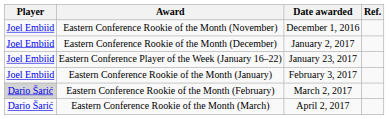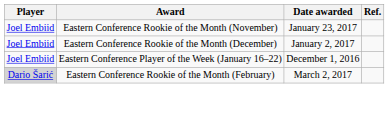 <table class="wikitable sortable sortable" style="text-align: center">
 <tr>
 <th>Player</th>
 <th>Award</th>
 <th>Date awarded</th>
 <th>Ref.</th>
 </tr>
 <tr>
 <td><a href='#'>Joel Embiid</a></td>
 <td>Eastern Conference Rookie of the Month (November)</td>
-<td>December 1, 2016</td>
+<td>January 23, 2017</td>
 <td></td>
 </tr>
 <tr>
 <td><a href='#'>Joel Embiid</a></td>
 <td>Eastern Conference Rookie of the Month (December)</td>
 <td>January 2, 2017</td>
 <td></td>
 </tr>
 <tr>
 <td><a href='#'>Joel Embiid</a></td>
 <td>Eastern Conference Player of the Week (January 16–22)</td>
-<td>January 23, 2017</td>
-<td></td>
-</tr>
-<tr>
-<td><a href='#'>Joel Embiid</a></td>
-<td>Eastern Conference Rookie of the Month (January)</td>
-<td>February 3, 2017</td>
+<td>December 1, 2016</td>
 <td></td>
 </tr>
 <tr>
 <td style="background: lightgrey;"><a href='#'>Dario Šarić</a></td>
 <td>Eastern Conference Rookie of the Month (February)</td>
 <td>March 2, 2017</td>
 <td></td>
 </tr>
-<tr>
-<td><a href='#'>Dario Šarić</a></td>
-<td>Eastern Conference Rookie of the Month (March)</td>
-<td>April 2, 2017</td>
-<td></td>
-</tr>
 </table>
